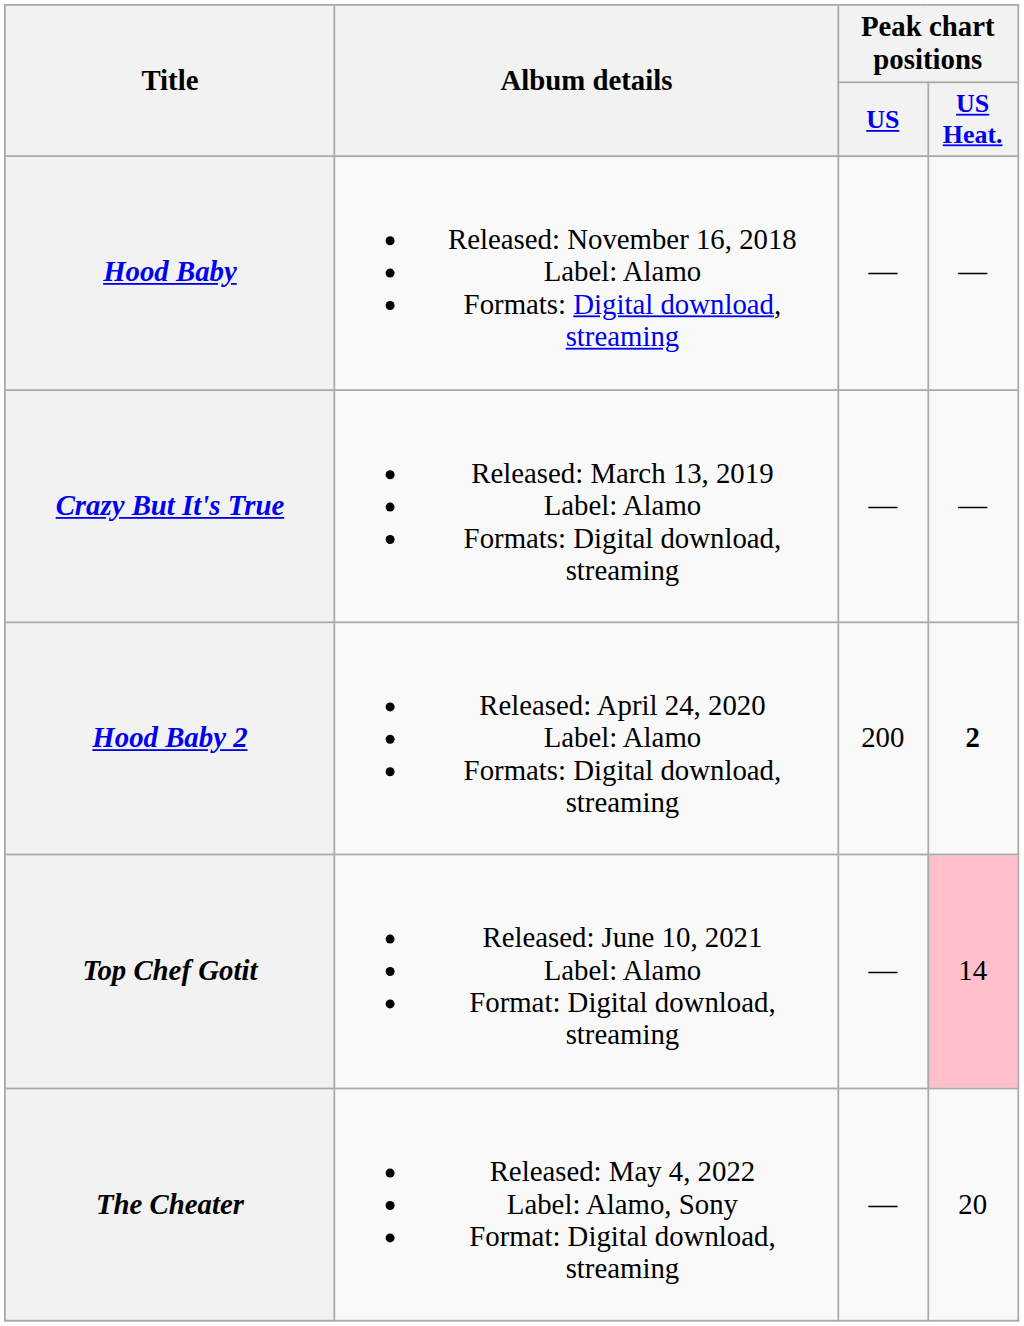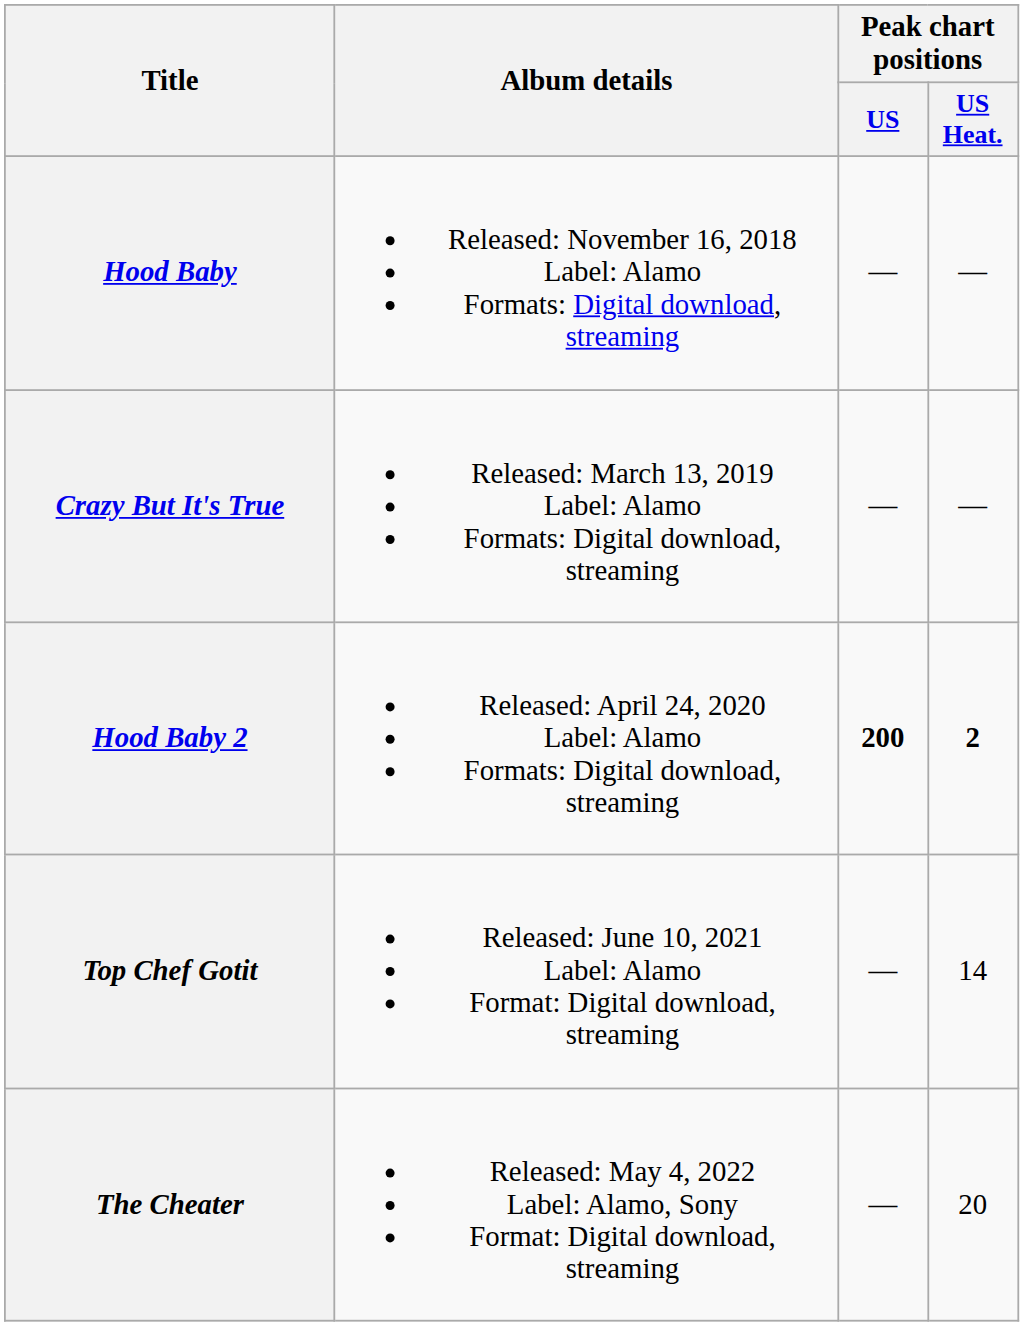 <table class="wikitable plainrowheaders" style="text-align:center;">
 <tr>
 <th scope="col" rowspan="2" style="width:11em;">Title</th>
 <th scope="col" rowspan="2" style="width:17em;">Album details</th>
 <th colspan="2" scope="col">Peak chart positions</th>
 </tr>
 <tr>
 <th scope="col" style="width:3em;font-size:90%;"><a href='#'>US</a><br></th>
 <th scope="col" style="width:3em;font-size:90%;"><a href='#'>US<br>Heat.</a><br></th>
 </tr>
 <tr>
 <th scope="row"><em><a href='#'>Hood Baby</a></em></th>
 <td><br><ul><li>Released: November 16, 2018</li><li>Label: Alamo</li><li>Formats: <a href='#'>Digital download</a>, <a href='#'>streaming</a></li></ul></td>
 <td>—</td>
 <td>—</td>
 </tr>
 <tr>
 <th scope="row"><em><a href='#'>Crazy But It's True</a></em></th>
 <td><br><ul><li>Released: March 13, 2019</li><li>Label: Alamo</li><li>Formats: Digital download, streaming</li></ul></td>
 <td>—</td>
 <td>—</td>
 </tr>
 <tr>
 <th scope="row"><em><a href='#'>Hood Baby 2</a></em></th>
 <td><br><ul><li>Released: April 24, 2020</li><li>Label: Alamo</li><li>Formats: Digital download, streaming</li></ul></td>
-<td>200</td>
+<td><strong>200</strong></td>
 <td><strong>2</strong></td>
 </tr>
 <tr>
 <th scope="row"><em>Top Chef Gotit</em></th>
 <td><br><ul><li>Released: June 10, 2021</li><li>Label: Alamo</li><li>Format: Digital download, streaming</li></ul></td>
 <td>—</td>
-<td style="background: pink;">14</td>
+<td>14</td>
 </tr>
 <tr>
 <th scope="row"><em>The Cheater</em></th>
 <td><br><ul><li>Released: May 4, 2022</li><li>Label: Alamo, Sony</li><li>Format: Digital download, streaming</li></ul></td>
 <td>—</td>
 <td>20</td>
 </tr>
 </table>
